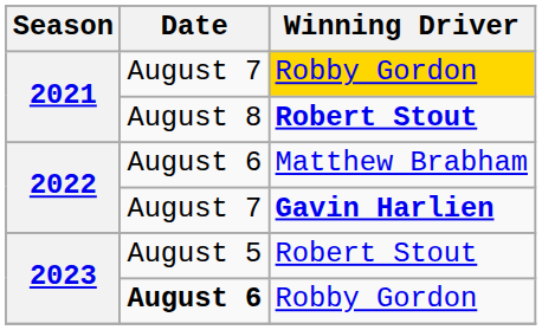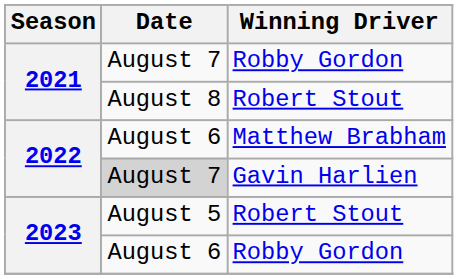 <table class="wikitable" style="font-size: 95%;">
 <tr>
 <th>Season</th>
 <th>Date</th>
 <th>Winning Driver</th>
 </tr>
 <tr>
 <th rowspan=2><a href='#'>2021</a></th>
 <td>August 7</td>
-<td style="background: gold;"> <a href='#'>Robby Gordon</a></td>
+<td> <a href='#'>Robby Gordon</a></td>
 </tr>
 <tr>
 <td>August 8</td>
-<td><strong> <a href='#'>Robert Stout</a></strong></td>
+<td> <a href='#'>Robert Stout</a></td>
 </tr>
 <tr>
 <th rowspan=2><a href='#'>2022</a></th>
 <td>August 6</td>
 <td> <a href='#'>Matthew Brabham</a></td>
 </tr>
 <tr>
-<td>August 7</td>
-<td><strong> <a href='#'>Gavin Harlien</a></strong></td>
+<td style="background: lightgrey;">August 7</td>
+<td> <a href='#'>Gavin Harlien</a></td>
 </tr>
 <tr>
 <th rowspan=2><a href='#'>2023</a></th>
 <td>August 5</td>
 <td> <a href='#'>Robert Stout</a></td>
 </tr>
 <tr>
-<td><strong>August 6</strong></td>
+<td>August 6</td>
 <td> <a href='#'>Robby Gordon</a></td>
 </tr>
 <tr>
 </tr>
 </table>
